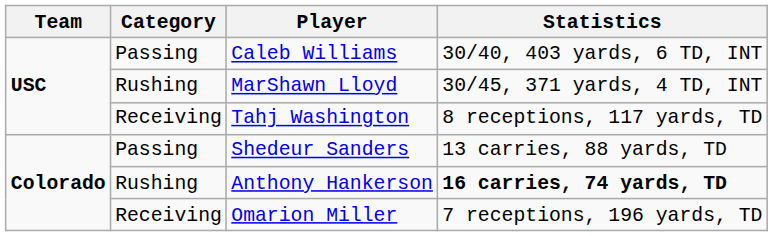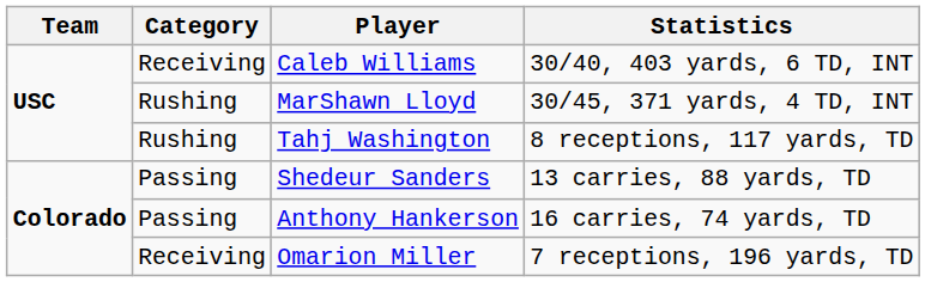 <table class="wikitable" style="float: right;">
 <tr>
 <th>Team</th>
 <th>Category</th>
 <th>Player</th>
 <th>Statistics</th>
 </tr>
 <tr>
 <td rowspan=3><strong>USC</strong></td>
-<td>Passing</td>
+<td>Receiving</td>
 <td><a href='#'>Caleb Williams</a></td>
 <td>30/40, 403 yards, 6 TD, INT</td>
 </tr>
 <tr>
 <td>Rushing</td>
 <td><a href='#'>MarShawn Lloyd</a></td>
 <td>30/45, 371 yards, 4 TD, INT</td>
 </tr>
 <tr>
-<td>Receiving</td>
+<td>Rushing</td>
 <td><a href='#'>Tahj Washington</a></td>
 <td>8 receptions, 117 yards, TD</td>
 </tr>
 <tr>
 <td rowspan=3><strong>Colorado</strong></td>
 <td>Passing</td>
 <td><a href='#'>Shedeur Sanders</a></td>
 <td>13 carries, 88 yards, TD</td>
 </tr>
 <tr>
-<td>Rushing</td>
+<td>Passing</td>
 <td><a href='#'>Anthony Hankerson</a></td>
-<td><strong>16 carries, 74 yards, TD</strong></td>
+<td>16 carries, 74 yards, TD</td>
 </tr>
 <tr>
 <td>Receiving</td>
 <td><a href='#'>Omarion Miller</a></td>
 <td>7 receptions, 196 yards, TD</td>
 </tr>
 </table>
